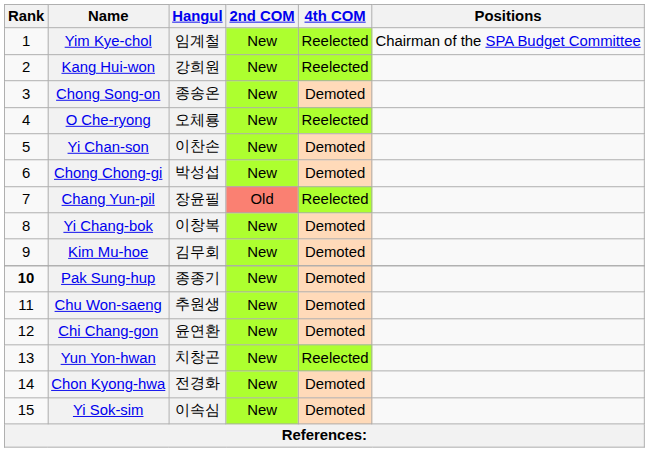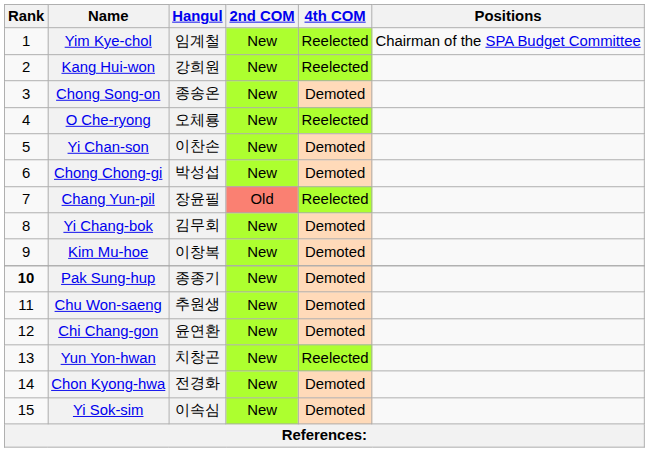 <table class="wikitable sortable">
 <tr>
 <th>Rank</th>
 <th>Name</th>
 <th class="unsortable"><a href='#'>Hangul</a></th>
 <th><a href='#'>2nd COM</a></th>
 <th><a href='#'>4th COM</a></th>
 <th>Positions</th>
 </tr>
 <tr>
 <td align="center">1</td>
 <th align="center" scope="row" style="font-weight:normal;"><a href='#'>Yim Kye-chol</a></th>
 <th align="center" scope="row" style="font-weight:normal;">임계철</th>
 <td align="center" style="background: GreenYellow">New</td>
 <td align="center" style="background: GreenYellow">Reelected</td>
 <td>Chairman of the <a href='#'>SPA Budget Committee</a></td>
 </tr>
 <tr>
 <td align="center">2</td>
 <th align="center" scope="row" style="font-weight:normal;"><a href='#'>Kang Hui-won</a></th>
 <th align="center" scope="row" style="font-weight:normal;">강희원</th>
 <td align="center" style="background: GreenYellow">New</td>
 <td align="center" style="background: GreenYellow">Reelected</td>
 <td></td>
 </tr>
 <tr>
 <td align="center">3</td>
 <th align="center" scope="row" style="font-weight:normal;"><a href='#'>Chong Song-on</a></th>
 <th align="center" scope="row" style="font-weight:normal;">종송온</th>
 <td align="center" style="background: GreenYellow">New</td>
 <td style="background: PeachPuff" align="center">Demoted</td>
 <td></td>
 </tr>
 <tr>
 <td align="center">4</td>
 <th align="center" scope="row" style="font-weight:normal;"><a href='#'>O Che-ryong</a></th>
 <th align="center" scope="row" style="font-weight:normal;">오체룡</th>
 <td align="center" style="background: GreenYellow">New</td>
 <td align="center" style="background: GreenYellow">Reelected</td>
 <td></td>
 </tr>
 <tr>
 <td align="center">5</td>
 <th align="center" scope="row" style="font-weight:normal;"><a href='#'>Yi Chan-son</a></th>
 <th align="center" scope="row" style="font-weight:normal;">이찬손</th>
 <td align="center" style="background: GreenYellow">New</td>
 <td style="background: PeachPuff" align="center">Demoted</td>
 <td></td>
 </tr>
 <tr>
 <td align="center">6</td>
 <th align="center" scope="row" style="font-weight:normal;"><a href='#'>Chong Chong-gi</a></th>
 <th align="center" scope="row" style="font-weight:normal;">박성섭</th>
 <td align="center" style="background: GreenYellow">New</td>
 <td style="background: PeachPuff" align="center">Demoted</td>
 <td></td>
 </tr>
 <tr>
 <td align="center">7</td>
 <th align="center" scope="row" style="font-weight:normal;"><a href='#'>Chang Yun-pil</a></th>
 <th align="center" scope="row" style="font-weight:normal;">장윤필</th>
 <td style="background: Salmon" align="center">Old</td>
 <td align="center" style="background: GreenYellow">Reelected</td>
 <td></td>
 </tr>
 <tr>
 <td align="center">8</td>
 <th align="center" scope="row" style="font-weight:normal;"><a href='#'>Yi Chang-bok</a></th>
-<th align="center" scope="row" style="font-weight:normal;">이창복</th>
+<th align="center" scope="row" style="font-weight:normal;">김무회</th>
 <td align="center" style="background: GreenYellow">New</td>
 <td style="background: PeachPuff" align="center">Demoted</td>
 <td></td>
 </tr>
 <tr>
 <td align="center">9</td>
 <th align="center" scope="row" style="font-weight:normal;"><a href='#'>Kim Mu-hoe</a></th>
-<th align="center" scope="row" style="font-weight:normal;">김무회</th>
+<th align="center" scope="row" style="font-weight:normal;">이창복</th>
 <td align="center" style="background: GreenYellow">New</td>
 <td style="background: PeachPuff" align="center">Demoted</td>
 <td></td>
 </tr>
 <tr>
 </tr>
 <tr>
 <td align="center"><strong>10</strong></td>
 <th align="center" scope="row" style="font-weight:normal;"><a href='#'>Pak Sung-hup</a></th>
 <th align="center" scope="row" style="font-weight:normal;">종종기</th>
 <td align="center" style="background: GreenYellow">New</td>
 <td style="background: PeachPuff" align="center">Demoted</td>
 <td></td>
 </tr>
 <tr>
 <td align="center">11</td>
 <th align="center" scope="row" style="font-weight:normal;"><a href='#'>Chu Won-saeng</a></th>
 <th align="center" scope="row" style="font-weight:normal;">추원생</th>
 <td align="center" style="background: GreenYellow">New</td>
 <td style="background: PeachPuff" align="center">Demoted</td>
 <td></td>
 </tr>
 <tr>
 <td align="center">12</td>
 <th align="center" scope="row" style="font-weight:normal;"><a href='#'>Chi Chang-gon</a></th>
 <th align="center" scope="row" style="font-weight:normal;">윤연환</th>
 <td align="center" style="background: GreenYellow">New</td>
 <td style="background: PeachPuff" align="center">Demoted</td>
 <td></td>
 </tr>
 <tr>
 <td align="center">13</td>
 <th align="center" scope="row" style="font-weight:normal;"><a href='#'>Yun Yon-hwan</a></th>
 <th align="center" scope="row" style="font-weight:normal;">치창곤</th>
 <td align="center" style="background: GreenYellow">New</td>
 <td align="center" style="background: GreenYellow">Reelected</td>
 <td></td>
 </tr>
 <tr>
 <td align="center">14</td>
 <th align="center" scope="row" style="font-weight:normal;"><a href='#'>Chon Kyong-hwa</a></th>
 <th align="center" scope="row" style="font-weight:normal;">전경화</th>
 <td align="center" style="background: GreenYellow">New</td>
 <td style="background: PeachPuff" align="center">Demoted</td>
 <td></td>
 </tr>
 <tr>
 <td align="center">15</td>
 <th align="center" scope="row" style="font-weight:normal;"><a href='#'>Yi Sok-sim</a></th>
 <th align="center" scope="row" style="font-weight:normal;">이속심</th>
 <td align="center" style="background: GreenYellow">New</td>
 <td style="background: PeachPuff" align="center">Demoted</td>
 <td></td>
 </tr>
 <tr>
 <th colspan="6" unsortable><strong>References:</strong><br></th>
 </tr>
 </table>
